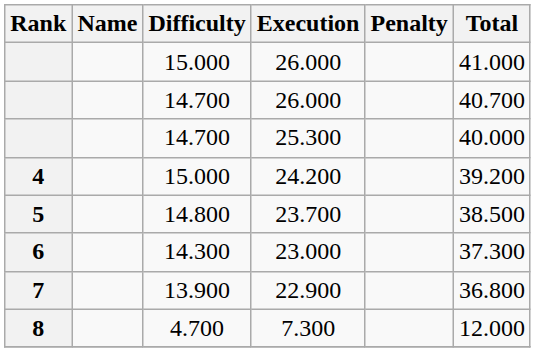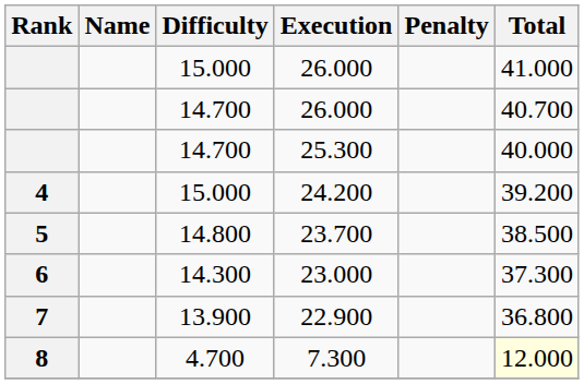 <table class="wikitable sortable" style="text-align:center">
 <tr>
 <th>Rank</th>
 <th>Name</th>
 <th>Difficulty</th>
 <th>Execution</th>
 <th>Penalty</th>
 <th>Total</th>
 </tr>
 <tr>
 <th></th>
 <td align=left></td>
 <td>15.000</td>
 <td>26.000</td>
 <td></td>
 <td>41.000</td>
 </tr>
 <tr>
 <th></th>
 <td align=left></td>
 <td>14.700</td>
 <td>26.000</td>
 <td></td>
 <td>40.700</td>
 </tr>
 <tr>
 <th></th>
 <td align=left></td>
 <td>14.700</td>
 <td>25.300</td>
 <td></td>
 <td>40.000</td>
 </tr>
 <tr>
 <th>4</th>
 <td align=left></td>
 <td>15.000</td>
 <td>24.200</td>
 <td></td>
 <td>39.200</td>
 </tr>
 <tr>
 <th>5</th>
 <td align=left></td>
 <td>14.800</td>
 <td>23.700</td>
 <td></td>
 <td>38.500</td>
 </tr>
 <tr>
 <th>6</th>
 <td align=left></td>
 <td>14.300</td>
 <td>23.000</td>
 <td></td>
 <td>37.300</td>
 </tr>
 <tr>
 <th>7</th>
 <td align=left></td>
 <td>13.900</td>
 <td>22.900</td>
 <td></td>
 <td>36.800</td>
 </tr>
 <tr>
 <th>8</th>
 <td align=left></td>
 <td>4.700</td>
 <td>7.300</td>
 <td></td>
-<td>12.000</td>
+<td style="background: lightyellow;">12.000</td>
 </tr>
 <tr>
 </tr>
 </table>
